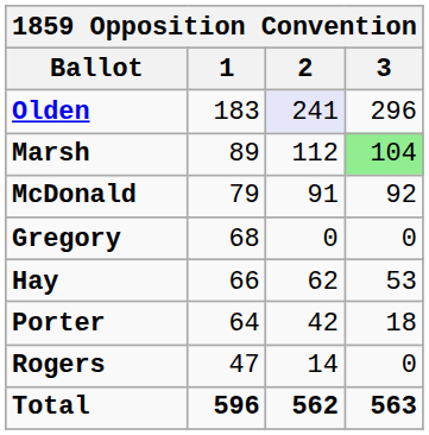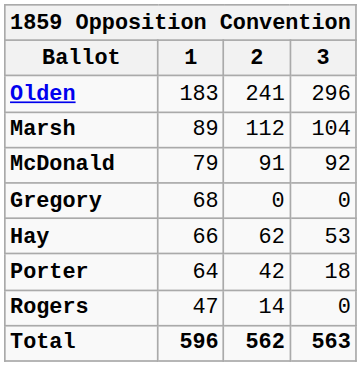 <table class="wikitable" style="text-align:right;">
 <tr>
 <th colspan="5">1859 Opposition Convention</th>
 </tr>
 <tr>
 <th>Ballot</th>
 <th>1</th>
 <th>2</th>
 <th>3</th>
 </tr>
 <tr>
 <td align=left><strong><a href='#'>Olden</a></strong></td>
 <td>183</td>
-<td style="background: lavender;">241</td>
+<td>241</td>
 <td>296</td>
 </tr>
 <tr>
 <td align=left><strong>Marsh</strong></td>
 <td>89</td>
 <td>112</td>
-<td style="background: lightgreen;">104</td>
+<td>104</td>
 </tr>
 <tr>
 <td align=left><strong>McDonald</strong></td>
 <td>79</td>
 <td>91</td>
 <td>92</td>
 </tr>
 <tr>
 <td align=left><strong>Gregory</strong></td>
 <td>68</td>
 <td>0</td>
 <td>0</td>
 </tr>
 <tr>
 <td align=left><strong>Hay</strong></td>
 <td>66</td>
 <td>62</td>
 <td>53</td>
 </tr>
 <tr>
 <td align=left><strong>Porter</strong></td>
 <td>64</td>
 <td>42</td>
 <td>18</td>
 </tr>
 <tr>
 <td align=left><strong>Rogers</strong></td>
 <td>47</td>
 <td>14</td>
 <td>0</td>
 </tr>
 <tr>
 <td align=left><strong>Total</strong></td>
 <td><strong>596</strong></td>
 <td><strong>562</strong></td>
 <td><strong>563</strong></td>
 </tr>
 </table>
